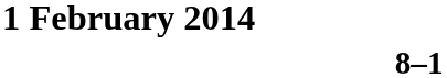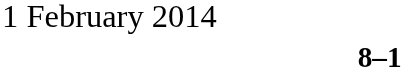 <table width=100% cellspacing=1>
 <tr>
 <th width=25%></th>
 <th width=10%></th>
 <th></th>
 </tr>
 <tr>
-<td><strong>1 February 2014</strong></td>
+<td>1 February 2014</td>
 </tr>
 <tr style=font-size:90%>
 <td align=right><strong></strong></td>
 <td align=center><strong>8–1</strong></td>
 <td><strong></strong></td>
 </tr>
 </table>
